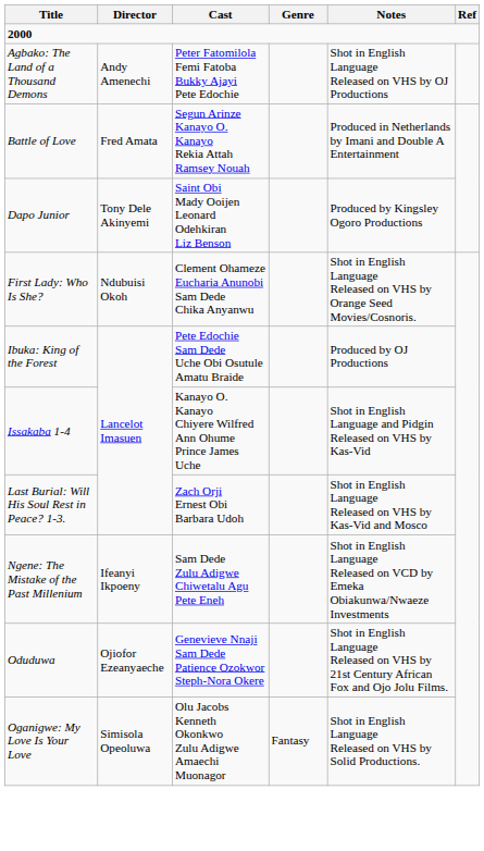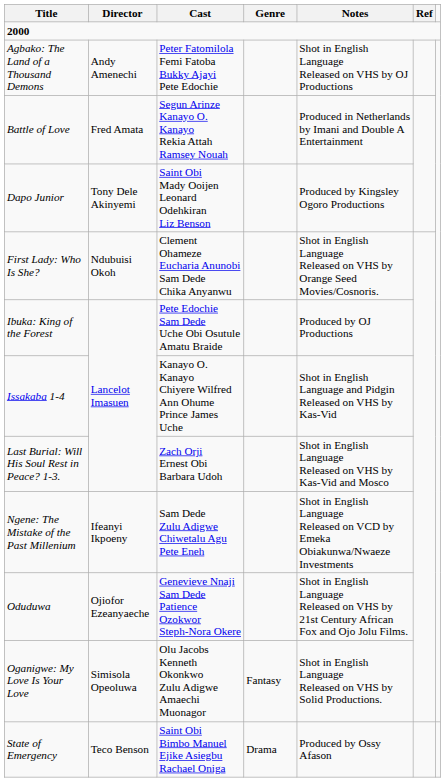 <table class="wikitable" width="100%">
 <tr>
 <th width="21%">Title</th>
 <th width="16%">Director</th>
 <th width="22%">Cast</th>
 <th width="13%">Genre</th>
 <th width="28%">Notes</th>
 <th>Ref</th>
 </tr>
 <tr>
 <td colspan="7" ><strong>2000</strong></td>
 </tr>
 <tr>
 <td><em>Agbako: The Land of a Thousand Demons</em></td>
 <td>Andy Amenechi</td>
 <td><a href='#'>Peter Fatomilola</a><br>Femi Fatoba<br><a href='#'>Bukky Ajayi</a><br>Pete Edochie</td>
 <td></td>
 <td>Shot in English Language<br>Released on VHS by OJ Productions</td>
 <td></td>
 </tr>
 <tr>
 <td><em>Battle of Love</em></td>
 <td>Fred Amata</td>
 <td><a href='#'>Segun Arinze</a><br><a href='#'>Kanayo O. Kanayo</a><br>Rekia Attah<br><a href='#'>Ramsey Nouah</a></td>
 <td></td>
 <td>Produced in Netherlands by Imani and Double A Entertainment</td>
 <td rowspan="2"></td>
 </tr>
 <tr>
 <td><em>Dapo Junior</em></td>
 <td>Tony Dele Akinyemi</td>
 <td><a href='#'>Saint Obi</a><br>Mady Ooijen<br>Leonard Odehkiran<br><a href='#'>Liz Benson</a></td>
 <td></td>
 <td>Produced by Kingsley Ogoro Productions</td>
 </tr>
 <tr>
 <td><em>First Lady: Who Is She?</em></td>
 <td>Ndubuisi Okoh</td>
 <td>Clement Ohameze<br><a href='#'>Eucharia Anunobi</a><br>Sam Dede<br>Chika Anyanwu</td>
 <td></td>
 <td>Shot in English Language<br>Released on VHS by Orange Seed Movies/Cosnoris.</td>
 <td rowspan="7"></td>
 </tr>
 <tr>
 <td><em>Ibuka: King of the Forest</em></td>
 <td rowspan="3"><a href='#'>Lancelot Imasuen</a></td>
 <td><a href='#'>Pete Edochie</a><br><a href='#'>Sam Dede</a><br>Uche Obi Osutule<br>Amatu Braide</td>
 <td></td>
 <td>Produced by OJ Productions</td>
 </tr>
 <tr>
 <td><em><a href='#'>Issakaba</a> 1-4</em></td>
 <td>Kanayo O. Kanayo<br>Chiyere Wilfred<br>Ann Ohume<br>Prince James Uche</td>
 <td></td>
 <td>Shot in English Language and Pidgin<br>Released on VHS by Kas-Vid</td>
 </tr>
 <tr>
 <td><em>Last Burial: Will His Soul Rest in Peace? 1-3.</em></td>
 <td><a href='#'>Zach Orji</a><br>Ernest Obi<br>Barbara Udoh</td>
 <td></td>
 <td>Shot in English Language<br>Released on VHS by Kas-Vid and Mosco</td>
 </tr>
 <tr>
 <td><em>Ngene: The Mistake of the Past Millenium</em></td>
 <td>Ifeanyi Ikpoeny</td>
 <td>Sam Dede<br><a href='#'>Zulu Adigwe</a><br><a href='#'>Chiwetalu Agu</a><br><a href='#'>Pete Eneh</a></td>
 <td></td>
 <td>Shot in English Language<br>Released on VCD by Emeka Obiakunwa/Nwaeze Investments</td>
 </tr>
 <tr>
 <td><em>Oduduwa</em></td>
 <td>Ojiofor Ezeanyaeche</td>
 <td><a href='#'>Genevieve Nnaji</a><br><a href='#'>Sam Dede</a><br><a href='#'>Patience Ozokwor</a><br><a href='#'>Steph-Nora Okere</a></td>
 <td></td>
 <td>Shot in English Language<br>Released on VHS by 21st Century African Fox and Ojo Jolu Films.</td>
 </tr>
 <tr>
 <td><em>Oganigwe: My Love Is Your Love</em></td>
 <td>Simisola Opeoluwa</td>
 <td>Olu Jacobs<br>Kenneth Okonkwo<br>Zulu Adigwe<br>Amaechi Muonagor</td>
 <td>Fantasy</td>
 <td>Shot in English Language<br>Released on VHS by Solid Productions.</td>
 </tr>
+<tr>
+<td><em>State of Emergency</em></td>
+<td>Teco Benson</td>
+<td><a href='#'>Saint Obi</a><br><a href='#'>Bimbo Manuel</a> <a href='#'>Ejike Asiegbu</a> <a href='#'>Rachael Oniga</a></td>
+<td>Drama</td>
+<td>Produced by Ossy Afason</td>
+<td></td>
+<td></td>
+</tr>
 </table>
